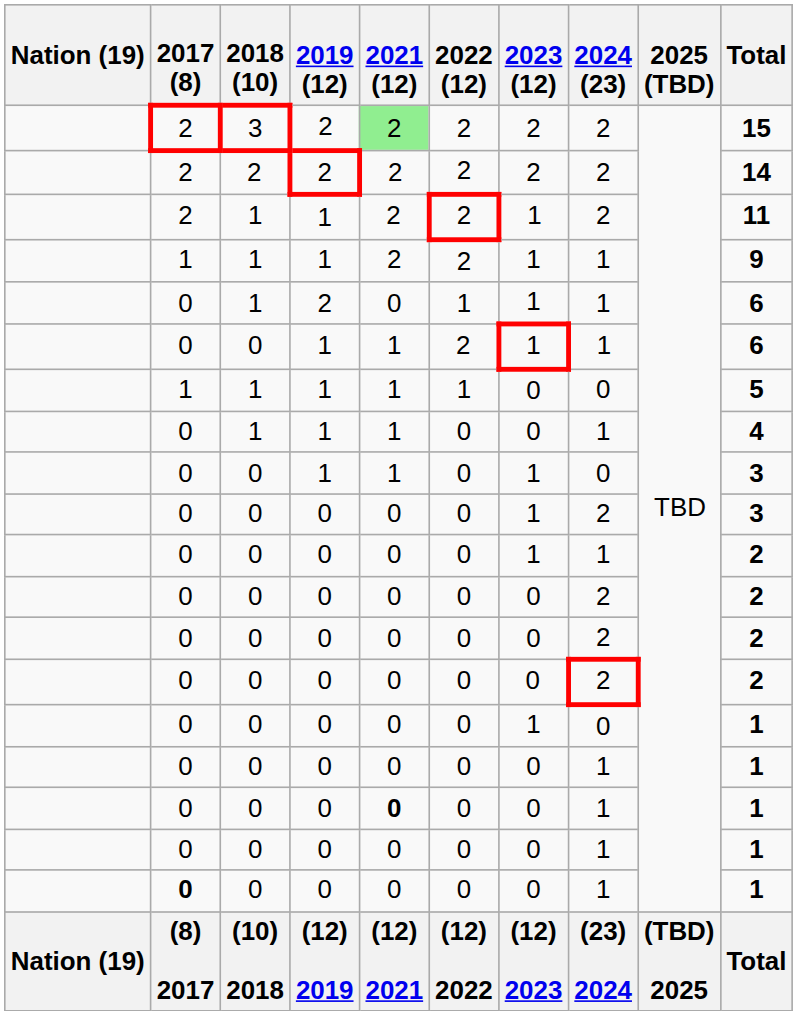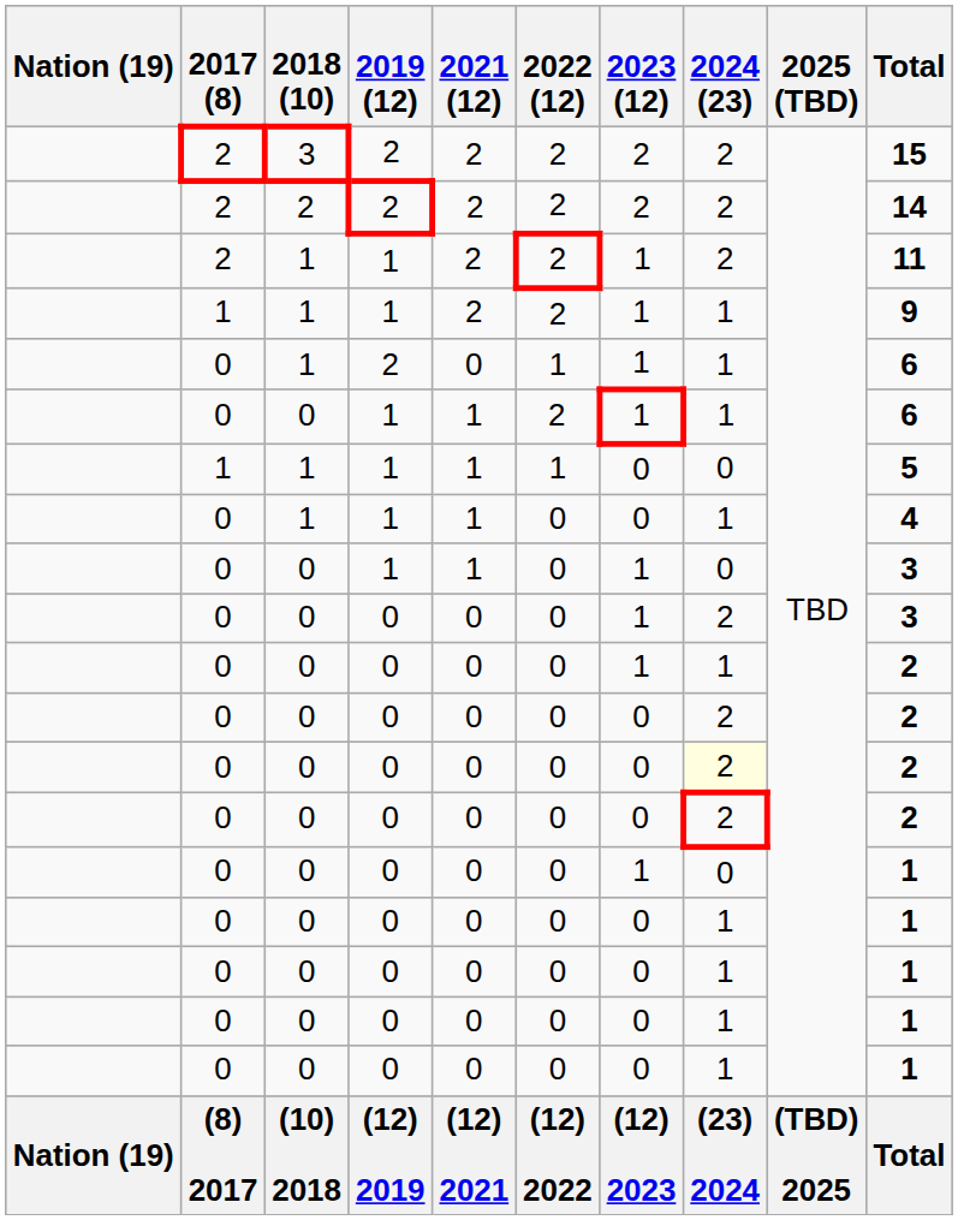 <table class="wikitable sortable" style="text-align:center">
 <tr>
 <th>Nation (19)</th>
 <th class="unsortable"><br>2017<br>(8)</th>
 <th class="unsortable"><br>2018<br>(10)</th>
 <th class="unsortable"><br><a href='#'>2019</a><br>(12)</th>
 <th class="unsortable"><br><a href='#'>2021</a><br>(12)</th>
 <th class="unsortable"><br>2022<br>(12)</th>
 <th class="unsortable"><br><a href='#'>2023</a><br>(12)</th>
 <th class="unsortable"><br><a href='#'>2024</a><br>(23)</th>
 <th><br>2025<br>(TBD)</th>
 <th>Total</th>
 </tr>
 <tr>
 <td align="left"></td>
 <td style="border:3px solid red">2</td>
 <td style="border:3px solid red">3</td>
 <td>2</td>
-<td style="background: lightgreen;">2</td>
+<td>2</td>
 <td>2</td>
 <td>2</td>
 <td>2</td>
 <td rowspan="19">TBD</td>
 <td><strong>15</strong></td>
 </tr>
 <tr>
 <td align="left"></td>
 <td>2</td>
 <td>2</td>
 <td style="border:3px solid red">2</td>
 <td>2</td>
 <td>2</td>
 <td>2</td>
 <td>2</td>
 <td><strong>14</strong></td>
 </tr>
 <tr>
 <td align="left"></td>
 <td>2</td>
 <td>1</td>
 <td>1</td>
 <td>2</td>
 <td style="border:3px solid red">2</td>
 <td>1</td>
 <td>2</td>
 <td><strong>11</strong></td>
 </tr>
 <tr>
 <td align="left"></td>
 <td>1</td>
 <td>1</td>
 <td>1</td>
 <td>2</td>
 <td>2</td>
 <td>1</td>
 <td>1</td>
 <td><strong>9</strong></td>
 </tr>
 <tr>
 <td align="left"></td>
 <td>0</td>
 <td>1</td>
 <td>2</td>
 <td>0</td>
 <td>1</td>
 <td>1</td>
 <td>1</td>
 <td><strong>6</strong></td>
 </tr>
 <tr>
 <td align="left"></td>
 <td>0</td>
 <td>0</td>
 <td>1</td>
 <td>1</td>
 <td>2</td>
 <td style="border:3px solid red">1</td>
 <td>1</td>
 <td><strong>6</strong></td>
 </tr>
 <tr>
 <td align="left"></td>
 <td>1</td>
 <td>1</td>
 <td>1</td>
 <td>1</td>
 <td>1</td>
 <td>0</td>
 <td>0</td>
 <td><strong>5</strong></td>
 </tr>
 <tr>
 <td align="left"></td>
 <td>0</td>
 <td>1</td>
 <td>1</td>
 <td>1</td>
 <td>0</td>
 <td>0</td>
 <td>1</td>
 <td><strong>4</strong></td>
 </tr>
 <tr>
 <td align="left"></td>
 <td>0</td>
 <td>0</td>
 <td>1</td>
 <td>1</td>
 <td>0</td>
 <td>1</td>
 <td>0</td>
 <td><strong>3</strong></td>
 </tr>
 <tr>
 <td align="left"></td>
 <td>0</td>
 <td>0</td>
 <td>0</td>
 <td>0</td>
 <td>0</td>
 <td>1</td>
 <td>2</td>
 <td><strong>3</strong></td>
 </tr>
 <tr>
 <td align="left"></td>
 <td>0</td>
 <td>0</td>
 <td>0</td>
 <td>0</td>
 <td>0</td>
 <td>1</td>
 <td>1</td>
 <td><strong>2</strong></td>
 </tr>
 <tr>
 <td align="left"></td>
 <td>0</td>
 <td>0</td>
 <td>0</td>
 <td>0</td>
 <td>0</td>
 <td>0</td>
 <td>2</td>
 <td><strong>2</strong></td>
 </tr>
 <tr>
 <td align="left"></td>
 <td>0</td>
 <td>0</td>
 <td>0</td>
 <td>0</td>
 <td>0</td>
 <td>0</td>
-<td>2</td>
+<td style="background: lightyellow;">2</td>
 <td><strong>2</strong></td>
 </tr>
 <tr>
 <td align="left"></td>
 <td>0</td>
 <td>0</td>
 <td>0</td>
 <td>0</td>
 <td>0</td>
 <td>0</td>
 <td style="border:3px solid red">2</td>
 <td><strong>2</strong></td>
 </tr>
 <tr>
 <td align="left"></td>
 <td>0</td>
 <td>0</td>
 <td>0</td>
 <td>0</td>
 <td>0</td>
 <td>1</td>
 <td>0</td>
 <td><strong>1</strong></td>
 </tr>
 <tr>
 <td align="left"></td>
 <td>0</td>
 <td>0</td>
 <td>0</td>
 <td>0</td>
 <td>0</td>
 <td>0</td>
 <td>1</td>
 <td><strong>1</strong></td>
 </tr>
 <tr>
 <td align="left"></td>
 <td>0</td>
 <td>0</td>
 <td>0</td>
-<td><strong>0</strong></td>
+<td>0</td>
 <td>0</td>
 <td>0</td>
 <td>1</td>
 <td><strong>1</strong></td>
 </tr>
 <tr>
 <td align="left"></td>
 <td>0</td>
 <td>0</td>
 <td>0</td>
 <td>0</td>
 <td>0</td>
 <td>0</td>
 <td>1</td>
 <td><strong>1</strong></td>
 </tr>
 <tr>
 <td align="left"></td>
-<td><strong>0</strong></td>
+<td>0</td>
 <td>0</td>
 <td>0</td>
 <td>0</td>
 <td>0</td>
 <td>0</td>
 <td>1</td>
 <td><strong>1</strong></td>
 </tr>
 <tr>
 <th>Nation (19)</th>
 <th class="unsortable">(8)<br><br>2017</th>
 <th class="unsortable">(10)<br><br>2018</th>
 <th class="unsortable">(12)<br><br><a href='#'>2019</a></th>
 <th class="unsortable">(12)<br><br><a href='#'>2021</a></th>
 <th class="unsortable">(12)<br><br>2022</th>
 <th class="unsortable">(12)<br><br><a href='#'>2023</a></th>
 <th class="unsortable">(23)<br><br><a href='#'>2024</a></th>
 <th>(TBD)<br><br>2025</th>
 <th>Total</th>
 </tr>
 </table>
